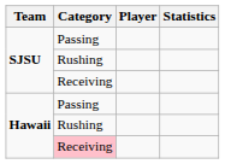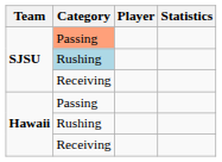 <table class="wikitable" style="float: right;">
 <tr>
 <th>Team</th>
 <th>Category</th>
 <th>Player</th>
 <th>Statistics</th>
 </tr>
 <tr>
 <td rowspan=3><strong>SJSU</strong></td>
-<td>Passing</td>
+<td style="background: lightsalmon;">Passing</td>
 <td></td>
 <td></td>
 </tr>
 <tr>
-<td>Rushing</td>
+<td style="background: lightblue;">Rushing</td>
 <td></td>
 <td></td>
 </tr>
 <tr>
 <td>Receiving</td>
 <td></td>
 <td></td>
 </tr>
 <tr>
 <td rowspan=3><strong>Hawaii</strong></td>
 <td>Passing</td>
 <td></td>
 <td></td>
 </tr>
 <tr>
 <td>Rushing</td>
 <td></td>
 <td></td>
 </tr>
 <tr>
-<td style="background: pink;">Receiving</td>
+<td>Receiving</td>
 <td></td>
 <td></td>
 </tr>
 </table>
